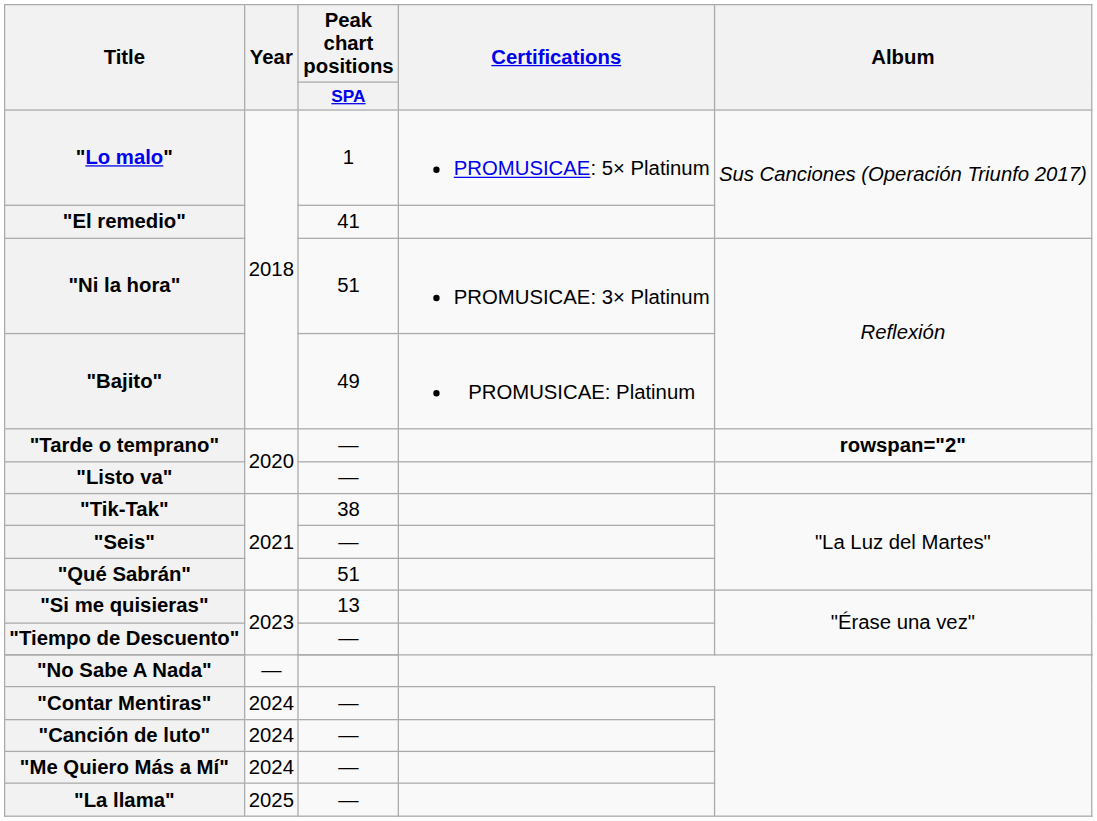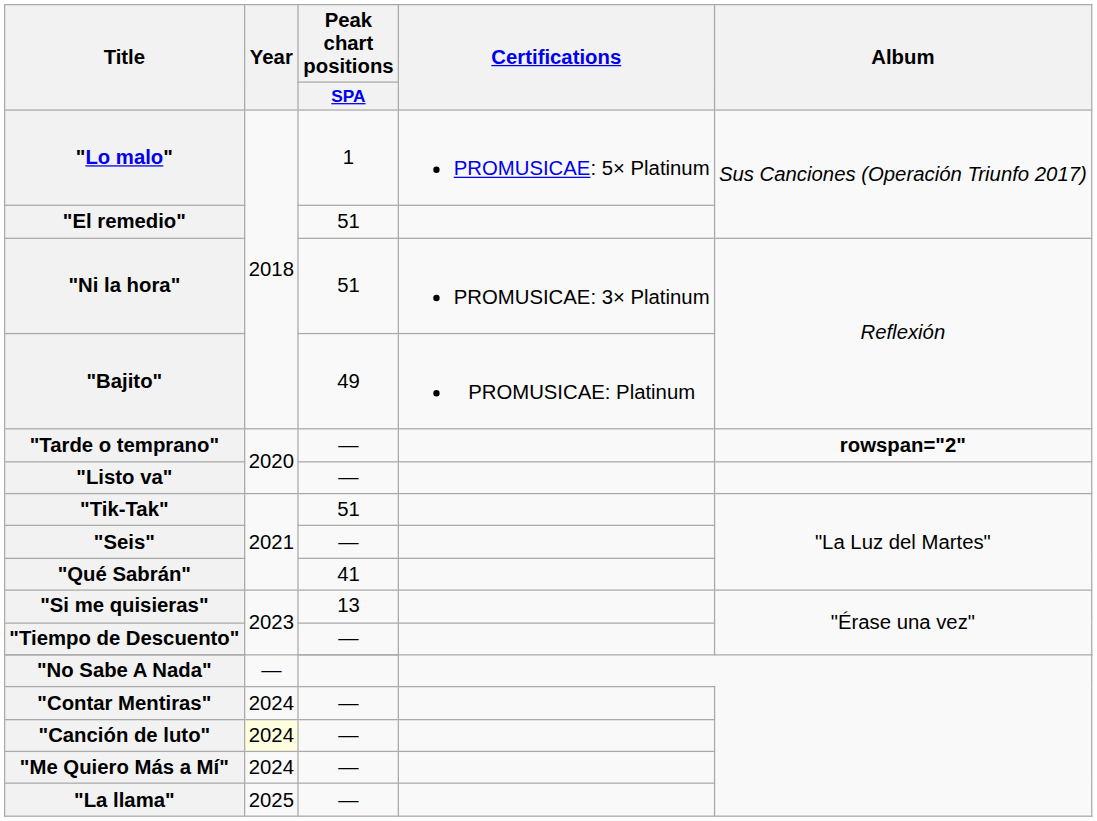 <table class="wikitable plainrowheaders" style="text-align:center;">
 <tr>
 <th scope="col" rowspan="2">Title</th>
 <th scope="col" rowspan="2">Year</th>
 <th scope="col" colspan="1">Peak chart positions</th>
 <th scope="col" rowspan="2"><a href='#'>Certifications</a></th>
 <th scope="col" rowspan="2">Album</th>
 </tr>
 <tr>
 <th scope="col" style="width:3em;font-size:85%;"><a href='#'>SPA</a><br></th>
 </tr>
 <tr>
 <th scope="row">"<a href='#'>Lo malo</a>"<br></th>
 <td rowspan="4">2018</td>
 <td>1</td>
 <td><br><ul><li><a href='#'>PROMUSICAE</a>: 5× Platinum</li></ul></td>
 <td rowspan="2"><em>Sus Canciones (Operación Triunfo 2017)</em></td>
 </tr>
 <tr>
 <th scope="row">"El remedio"</th>
-<td>41</td>
+<td>51</td>
 <td></td>
 </tr>
 <tr>
 <th scope="row">"Ni la hora"<br></th>
 <td>51</td>
 <td><br><ul><li>PROMUSICAE: 3× Platinum</li></ul></td>
 <td rowspan="2"><em>Reflexión</em></td>
 </tr>
 <tr>
 <th scope="row">"Bajito"</th>
 <td>49</td>
 <td><br><ul><li>PROMUSICAE: Platinum</li></ul></td>
 </tr>
 <tr>
 <th scope="row">"Tarde o temprano"</th>
 <td rowspan="2">2020</td>
 <td>—</td>
 <td></td>
 <td><strong>rowspan="2" </strong></td>
 </tr>
 <tr>
 <th scope="row">"Listo va"<br></th>
 <td>—</td>
 <td></td>
 </tr>
 <tr>
 <th scope="row">"Tik-Tak"</th>
 <td rowspan="3">2021</td>
-<td>38</td>
+<td>51</td>
 <td></td>
 <td rowspan="3">"La Luz del Martes"</td>
 </tr>
 <tr>
 <th scope="row">"Seis"</th>
 <td>—</td>
 </tr>
 <tr>
 <th scope="row">"Qué Sabrán"</th>
-<td>51</td>
+<td>41</td>
 <td></td>
 </tr>
 <tr>
 <th scope="row">"Si me quisieras"</th>
 <td rowspan="3">2023</td>
 <td>13</td>
 <td></td>
 <td rowspan="2">"Érase una vez"</td>
 </tr>
 <tr>
 <th scope="row">"Tiempo de Descuento"</th>
 <td>—</td>
 <td></td>
 </tr>
 <tr>
 </tr>
 <tr>
 <th scope="row">"No Sabe A Nada"</th>
 <td>—</td>
 <td></td>
 </tr>
 <tr>
 <th scope="row">"Contar Mentiras"</th>
 <td>2024</td>
 <td>—</td>
 <td></td>
 </tr>
 <tr>
 <th scope="row">"Canción de luto"<br></th>
-<td>2024</td>
+<td style="background: lightyellow;">2024</td>
 <td>—</td>
 <td></td>
 </tr>
 <tr>
 <th scope="row">"Me Quiero Más a Mí"<br></th>
 <td>2024</td>
 <td>—</td>
 <td></td>
 </tr>
 <tr>
 <th scope="row">"La llama"</th>
 <td>2025</td>
 <td>—</td>
 <td></td>
 </tr>
 </table>
